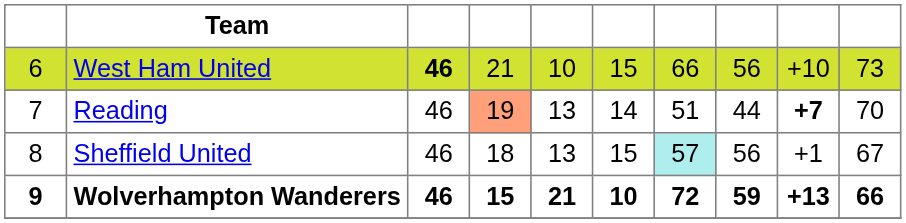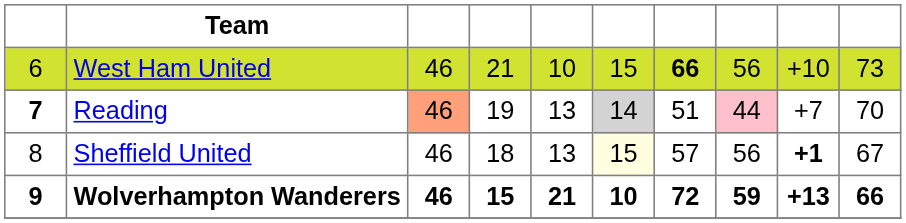 <table class="toccolours" border="1" cellpadding="4" cellspacing="0" style="text-align:center; border-collapse: collapse; margin:0;">
 <tr>
 <th width=30></th>
 <th>Team</th>
 <th width="30"></th>
 <th width="30"></th>
 <th width="30"></th>
 <th width="30"></th>
 <th width="30"></th>
 <th width="30"></th>
 <th width="30"></th>
 <th width="30"></th>
 </tr>
 <tr bgcolor="#D1E231">
 <td>6</td>
 <td align=left><a href='#'>West Ham United</a></td>
-<td><strong>46</strong></td>
+<td>46</td>
 <td>21</td>
 <td>10</td>
 <td>15</td>
-<td>66</td>
+<td><strong>66</strong></td>
 <td>56</td>
 <td>+10</td>
 <td>73</td>
 </tr>
 <tr>
-<td>7</td>
+<td><strong>7</strong></td>
 <td align=left><a href='#'>Reading</a></td>
-<td>46</td>
-<td style="background: lightsalmon;">19</td>
+<td style="background: lightsalmon;">46</td>
+<td>19</td>
 <td>13</td>
-<td>14</td>
+<td style="background: lightgrey;">14</td>
 <td>51</td>
-<td>44</td>
-<td><strong>+7</strong></td>
+<td style="background: pink;">44</td>
+<td>+7</td>
 <td>70</td>
 </tr>
 <tr>
 <td>8</td>
 <td align=left><a href='#'>Sheffield United</a></td>
 <td>46</td>
 <td>18</td>
 <td>13</td>
-<td>15</td>
-<td style="background: paleturquoise;">57</td>
+<td style="background: lightyellow;">15</td>
+<td>57</td>
 <td>56</td>
-<td>+1</td>
+<td><strong>+1</strong></td>
 <td>67</td>
 </tr>
 <tr>
 <td><strong>9</strong></td>
 <td align=left><strong>Wolverhampton Wanderers</strong></td>
 <td><strong>46</strong></td>
 <td><strong>15</strong></td>
 <td><strong>21</strong></td>
 <td><strong>10</strong></td>
 <td><strong>72</strong></td>
 <td><strong>59</strong></td>
 <td><strong>+13</strong></td>
 <td><strong>66</strong></td>
 </tr>
 <tr>
 </tr>
 </table>
